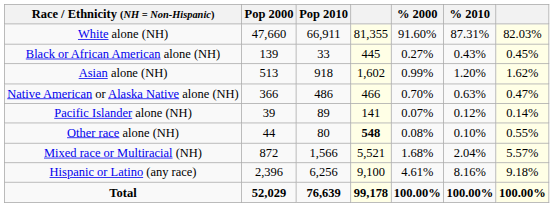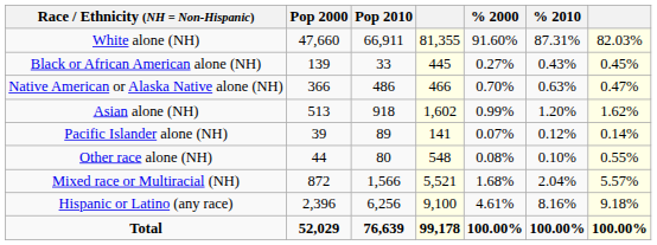 <table class="wikitable" style="text-align:center;">
 <tr>
 <th>Race / Ethnicity <small>(<em>NH = Non-Hispanic</em>)</small></th>
 <th>Pop 2000</th>
 <th>Pop 2010</th>
 <th></th>
 <th>% 2000</th>
 <th>% 2010</th>
 <th></th>
 </tr>
 <tr>
 <td><a href='#'>White</a> alone (NH)</td>
 <td>47,660</td>
 <td>66,911</td>
 <td style='background: #ffffe6;'>81,355</td>
 <td>91.60%</td>
 <td>87.31%</td>
 <td style='background: #ffffe6;'>82.03%</td>
 </tr>
 <tr>
 <td><a href='#'>Black or African American</a> alone (NH)</td>
 <td>139</td>
 <td>33</td>
 <td style='background: #ffffe6;'>445</td>
 <td>0.27%</td>
 <td>0.43%</td>
 <td style='background: #ffffe6;'>0.45%</td>
 </tr>
 <tr>
+<td><a href='#'>Native American</a> or <a href='#'>Alaska Native</a> alone (NH)</td>
+<td>366</td>
+<td>486</td>
+<td style='background: #ffffe6;'>466</td>
+<td>0.70%</td>
+<td>0.63%</td>
+<td style='background: #ffffe6;'>0.47%</td>
+</tr>
+<tr>
 <td><a href='#'>Asian</a> alone (NH)</td>
 <td>513</td>
 <td>918</td>
 <td style='background: #ffffe6;'>1,602</td>
 <td>0.99%</td>
 <td>1.20%</td>
 <td style='background: #ffffe6;'>1.62%</td>
-</tr>
-<tr>
-<td><a href='#'>Native American</a> or <a href='#'>Alaska Native</a> alone (NH)</td>
-<td>366</td>
-<td>486</td>
-<td style='background: #ffffe6;'>466</td>
-<td>0.70%</td>
-<td>0.63%</td>
-<td style='background: #ffffe6;'>0.47%</td>
 </tr>
 <tr>
 <td><a href='#'>Pacific Islander</a> alone (NH)</td>
 <td>39</td>
 <td>89</td>
 <td style='background: #ffffe6;'>141</td>
 <td>0.07%</td>
 <td>0.12%</td>
 <td style='background: #ffffe6;'>0.14%</td>
 </tr>
 <tr>
 <td><a href='#'>Other race</a> alone (NH)</td>
 <td>44</td>
 <td>80</td>
-<td style='background: #ffffe6;'><strong>548</strong></td>
+<td style='background: #ffffe6;'>548</td>
 <td>0.08%</td>
 <td>0.10%</td>
 <td style='background: #ffffe6;'>0.55%</td>
 </tr>
 <tr>
 <td><a href='#'>Mixed race or Multiracial</a> (NH)</td>
 <td>872</td>
 <td>1,566</td>
 <td style='background: #ffffe6;'>5,521</td>
 <td>1.68%</td>
 <td>2.04%</td>
 <td style='background: #ffffe6;'>5.57%</td>
 </tr>
 <tr>
 <td><a href='#'>Hispanic or Latino</a> (any race)</td>
 <td>2,396</td>
 <td>6,256</td>
 <td style='background: #ffffe6;'>9,100</td>
 <td>4.61%</td>
 <td>8.16%</td>
 <td style='background: #ffffe6;'>9.18%</td>
 </tr>
 <tr>
 <td><strong>Total</strong></td>
 <td><strong>52,029</strong></td>
 <td><strong>76,639</strong></td>
 <td style='background: #ffffe6;'><strong>99,178</strong></td>
 <td><strong>100.00%</strong></td>
 <td><strong>100.00%</strong></td>
 <td style='background: #ffffe6;'><strong>100.00%</strong></td>
 </tr>
 </table>
